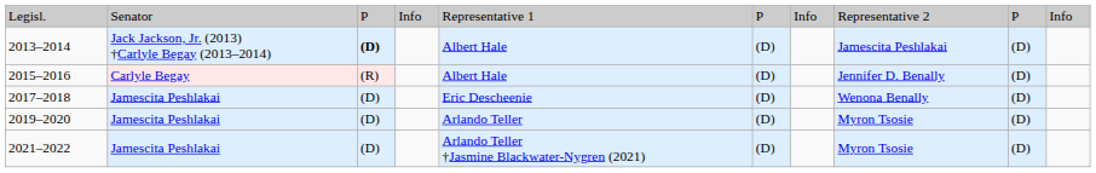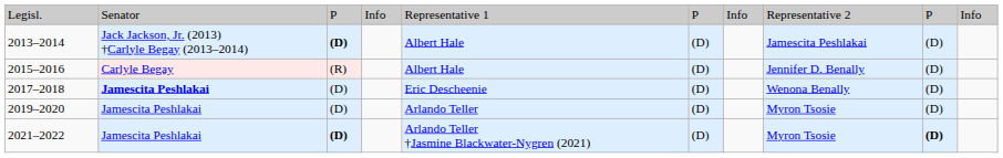 <table class=wikitable width="100%" border="1">
 <tr style="background-color:#cccccc;">
 <td>Legisl.</td>
 <td>Senator</td>
 <td>P</td>
 <td>Info</td>
 <td>Representative 1</td>
 <td>P</td>
 <td>Info</td>
 <td>Representative 2</td>
 <td>P</td>
 <td>Info</td>
 </tr>
 <tr>
 <td>2013–2014</td>
 <td style="background:#DDEEFF"><a href='#'>Jack Jackson, Jr.</a> (2013)<br>†<a href='#'>Carlyle Begay</a> (2013–2014)</td>
 <td style="background:#DDEEFF"><strong>(D)</strong></td>
 <td></td>
 <td style="background:#DDEEFF"><a href='#'>Albert Hale</a></td>
 <td style="background:#DDEEFF">(D)</td>
 <td></td>
 <td style="background:#DDEEFF"><a href='#'>Jamescita Peshlakai</a></td>
 <td style="background:#DDEEFF">(D)</td>
 <td></td>
 </tr>
 <tr>
 <td>2015–2016</td>
 <td style="background:#FFE8E8"><a href='#'>Carlyle Begay</a></td>
 <td style="background:#FFE8E8">(R)</td>
 <td></td>
 <td style="background:#DDEEFF"><a href='#'>Albert Hale</a></td>
 <td style="background:#DDEEFF">(D)</td>
 <td></td>
 <td style="background:#DDEEFF"><a href='#'>Jennifer D. Benally</a></td>
 <td style="background:#DDEEFF">(D)</td>
 <td></td>
 </tr>
 <tr>
 <td>2017–2018</td>
-<td style="background:#DDEEFF"><a href='#'>Jamescita Peshlakai</a></td>
+<td style="background:#DDEEFF"><strong><a href='#'>Jamescita Peshlakai</a></strong></td>
 <td style="background:#DDEEFF">(D)</td>
 <td></td>
 <td style="background:#DDEEFF"><a href='#'>Eric Descheenie</a></td>
 <td style="background:#DDEEFF">(D)</td>
 <td></td>
 <td style="background:#DDEEFF"><a href='#'>Wenona Benally</a></td>
 <td style="background:#DDEEFF">(D)</td>
 <td></td>
 </tr>
 <tr>
 <td>2019–2020</td>
 <td style="background:#DDEEFF"><a href='#'>Jamescita Peshlakai</a></td>
 <td style="background:#DDEEFF">(D)</td>
 <td></td>
 <td style="background:#DDEEFF"><a href='#'>Arlando Teller</a></td>
 <td style="background:#DDEEFF">(D)</td>
 <td></td>
 <td style="background:#DDEEFF"><a href='#'>Myron Tsosie</a></td>
 <td style="background:#DDEEFF">(D)</td>
 <td></td>
 </tr>
 <tr>
 <td>2021–2022</td>
 <td style="background:#DDEEFF"><a href='#'>Jamescita Peshlakai</a></td>
-<td style="background:#DDEEFF">(D)</td>
+<td style="background:#DDEEFF"><strong>(D)</strong></td>
 <td></td>
 <td style="background:#DDEEFF"><a href='#'>Arlando Teller</a><br>†<a href='#'>Jasmine Blackwater-Nygren</a> (2021)</td>
 <td style="background:#DDEEFF">(D)</td>
 <td></td>
 <td style="background:#DDEEFF"><a href='#'>Myron Tsosie</a></td>
-<td style="background:#DDEEFF">(D)</td>
+<td style="background:#DDEEFF"><strong>(D)</strong></td>
 <td></td>
 </tr>
 </table>
